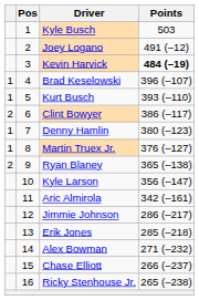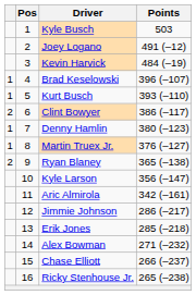 <table class="wikitable" style="font-size: 95%">
 <tr>
 <th></th>
 <th>Pos</th>
 <th>Driver</th>
 <th>Points</th>
 </tr>
 <tr>
 <td align="left"></td>
 <td style="text-align:center;">1</td>
 <td style="background:#FFDEAD;"><a href='#'>Kyle Busch</a></td>
 <td style="text-align:center;">503</td>
 </tr>
 <tr>
 <td align="left"></td>
 <td style="text-align:center;">2</td>
 <td style="background:#FFDEAD;"><a href='#'>Joey Logano</a></td>
 <td style="text-align:center;">491 (–12)</td>
 </tr>
 <tr>
 <td align="left"></td>
 <td style="text-align:center;">3</td>
 <td style="background:#FFDEAD;"><a href='#'>Kevin Harvick</a></td>
-<td style="text-align:center;"><strong>484 (–19)</strong></td>
+<td style="text-align:center;">484 (–19)</td>
 </tr>
 <tr>
 <td align="left"> 1</td>
 <td style="text-align:center;">4</td>
 <td><a href='#'>Brad Keselowski</a></td>
 <td style="text-align:center;">396 (–107)</td>
 </tr>
 <tr>
 <td align="left"> 1</td>
 <td style="text-align:center;">5</td>
 <td><a href='#'>Kurt Busch</a></td>
 <td style="text-align:center;">393 (–110)</td>
 </tr>
 <tr>
 <td align="left"> 2</td>
 <td style="text-align:center;">6</td>
 <td style="background:#FFDEAD;"><a href='#'>Clint Bowyer</a></td>
 <td style="text-align:center;">386 (–117)</td>
 </tr>
 <tr>
 <td align="left"> 1</td>
 <td style="text-align:center;">7</td>
 <td><a href='#'>Denny Hamlin</a></td>
 <td style="text-align:center;">380 (–123)</td>
 </tr>
 <tr>
 <td align="left"> 1</td>
 <td style="text-align:center;">8</td>
 <td style="background:#FFDEAD;"><a href='#'>Martin Truex Jr.</a></td>
 <td style="text-align:center;">376 (–127)</td>
 </tr>
 <tr>
 <td align="left"> 2</td>
 <td style="text-align:center;">9</td>
 <td><a href='#'>Ryan Blaney</a></td>
 <td style="text-align:center;">365 (–138)</td>
 </tr>
 <tr>
 <td align="left"></td>
 <td style="text-align:center;">10</td>
 <td><a href='#'>Kyle Larson</a></td>
 <td style="text-align:center;">356 (–147)</td>
 </tr>
 <tr>
 <td align="left"></td>
 <td style="text-align:center;">11</td>
 <td><a href='#'>Aric Almirola</a></td>
 <td style="text-align:center;">342 (–161)</td>
 </tr>
 <tr>
 <td align="left"></td>
 <td style="text-align:center;">12</td>
 <td><a href='#'>Jimmie Johnson</a></td>
 <td style="text-align:center;">286 (–217)</td>
 </tr>
 <tr>
 <td align="left"></td>
 <td style="text-align:center;">13</td>
 <td><a href='#'>Erik Jones</a></td>
 <td style="text-align:center;">285 (–218)</td>
 </tr>
 <tr>
 <td align="left"></td>
 <td style="text-align:center;">14</td>
 <td><a href='#'>Alex Bowman</a></td>
 <td style="text-align:center;">271 (–232)</td>
 </tr>
 <tr>
 <td align="left"></td>
 <td style="text-align:center;">15</td>
 <td><a href='#'>Chase Elliott</a></td>
 <td style="text-align:center;">266 (–237)</td>
 </tr>
 <tr>
 <td align="left"></td>
 <td style="text-align:center;">16</td>
 <td><a href='#'>Ricky Stenhouse Jr.</a></td>
 <td style="text-align:center;">265 (–238)</td>
 </tr>
 <tr class="sortbottom">
 <th colspan="9"></th>
 </tr>
 </table>
